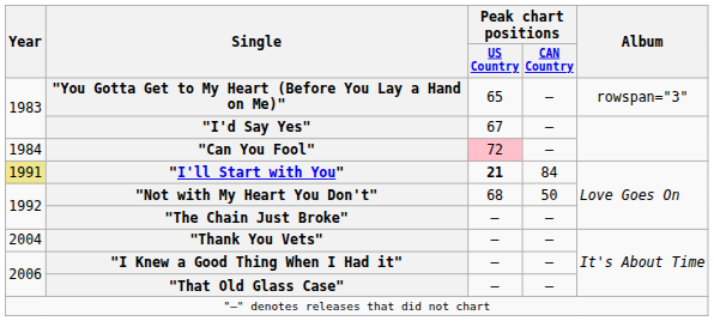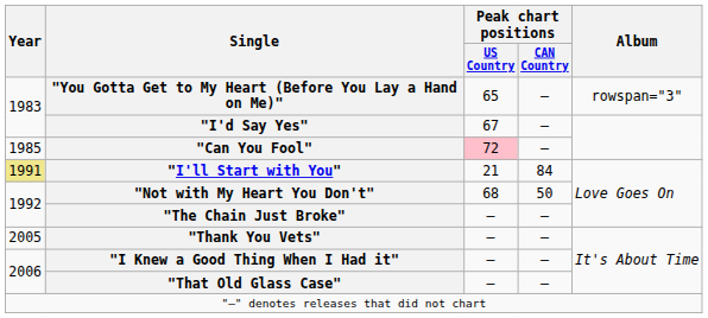 <table class="wikitable plainrowheaders" style="text-align:center;">
 <tr>
 <th rowspan="2">Year</th>
 <th rowspan="2" style="width:30em;">Single</th>
 <th colspan="2">Peak chart<br>positions</th>
 <th rowspan="2">Album</th>
 </tr>
 <tr style="font-size:smaller;">
 <th style="width:45px;"><a href='#'>US Country</a><br></th>
 <th style="width:45px;"><a href='#'>CAN Country</a></th>
 </tr>
 <tr>
 <td rowspan="2">1983</td>
 <th scope="row">"You Gotta Get to My Heart (Before You Lay a Hand on Me)"</th>
 <td>65</td>
 <td>—</td>
 <td>rowspan="3" </td>
 </tr>
 <tr>
 <th scope="row">"I'd Say Yes"</th>
 <td>67</td>
 <td>—</td>
 </tr>
 <tr>
-<td>1984</td>
+<td>1985</td>
 <th scope="row">"Can You Fool"</th>
 <td style="background: pink;">72</td>
 <td>—</td>
 </tr>
 <tr>
 <td style="background: khaki;">1991</td>
 <th scope="row">"<a href='#'>I'll Start with You</a>"</th>
-<td><strong>21</strong></td>
+<td>21</td>
 <td>84</td>
 <td style="text-align:left;" rowspan="3"><em>Love Goes On</em></td>
 </tr>
 <tr>
 <td rowspan="2">1992</td>
 <th scope="row">"Not with My Heart You Don't"</th>
 <td>68</td>
 <td>50</td>
 </tr>
 <tr>
 <th scope="row">"The Chain Just Broke"</th>
 <td>—</td>
 <td>—</td>
 </tr>
 <tr>
-<td>2004</td>
+<td>2005</td>
 <th scope="row">"Thank You Vets"</th>
 <td>—</td>
 <td>—</td>
 <td style="text-align:left;" rowspan="3"><em>It's About Time</em></td>
 </tr>
 <tr>
 <td rowspan="2">2006</td>
 <th scope="row">"I Knew a Good Thing When I Had it"</th>
 <td>—</td>
 <td>—</td>
 </tr>
 <tr>
 <th scope="row">"That Old Glass Case"</th>
 <td>—</td>
 <td>—</td>
 </tr>
 <tr>
 <td colspan="5" style="font-size:8pt">"—" denotes releases that did not chart</td>
 </tr>
 </table>
